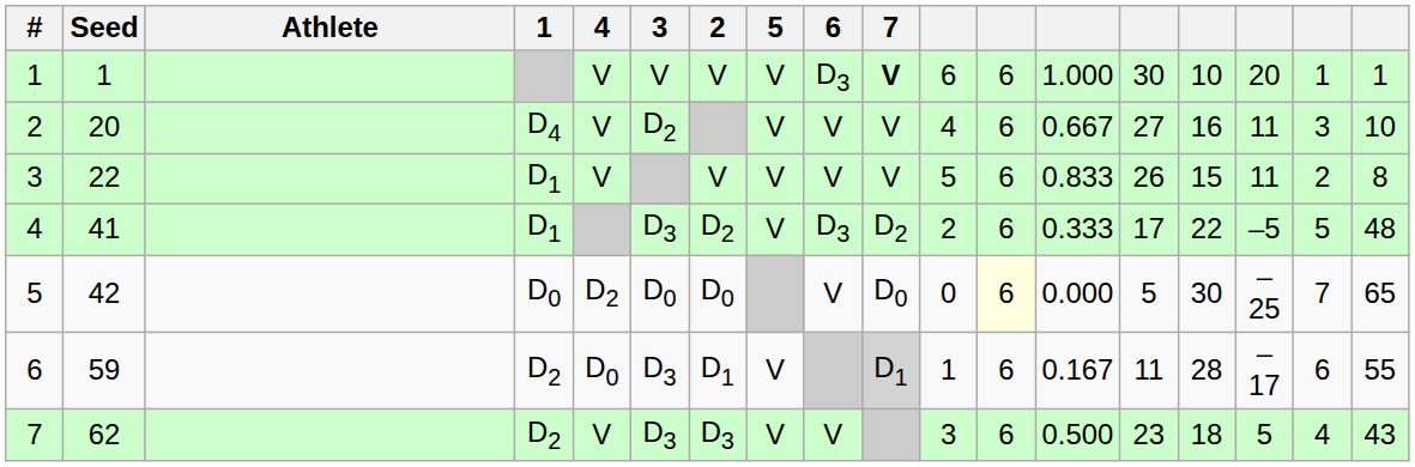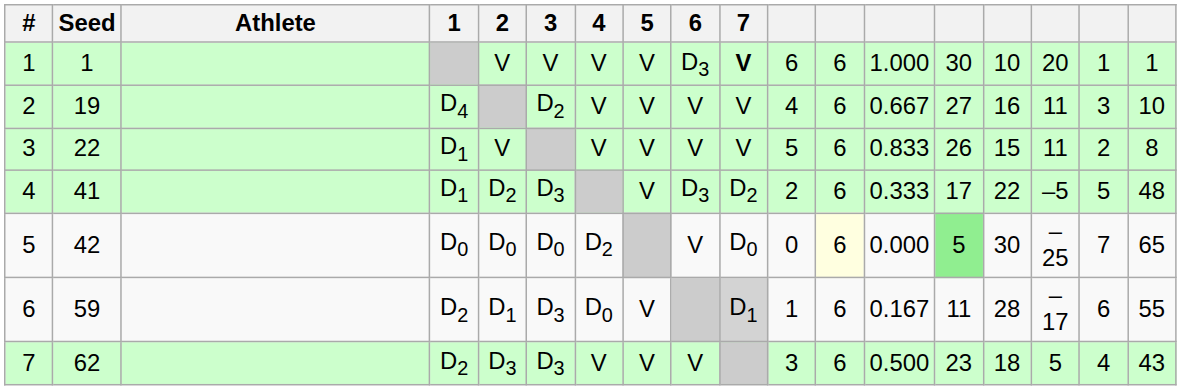 <table class="wikitable" style="text-align:center">
 <tr>
 <th width="25">#</th>
 <th width="25">Seed</th>
 <th width="200">Athlete</th>
 <th width="25">1</th>
+<th width="25">2</th>
+<th width="25">3</th>
 <th width="25">4</th>
-<th width="25">3</th>
-<th width="25">2</th>
 <th width="25">5</th>
 <th width="25">6</th>
 <th width="25">7</th>
 <th width="25"></th>
 <th width="25"></th>
 <th width="40"></th>
 <th width="25"></th>
 <th width="25"></th>
 <th width="25"></th>
 <th width="25"></th>
 <th width="25"></th>
 </tr>
 <tr bgcolor="#ccffcc">
 <td>1</td>
 <td>1</td>
 <td align=left></td>
 <td bgcolor="#cccccc"></td>
 <td>V</td>
 <td>V</td>
 <td>V</td>
 <td>V</td>
 <td>D<sub>3</sub></td>
 <td><strong>V</strong></td>
 <td>6</td>
 <td>6</td>
 <td>1.000</td>
 <td>30</td>
 <td>10</td>
 <td>20</td>
 <td>1</td>
 <td>1</td>
 </tr>
 <tr bgcolor="#ccffcc">
 <td>2</td>
-<td>20</td>
+<td>19</td>
 <td align=left></td>
 <td>D<sub>4</sub></td>
+<td bgcolor="#cccccc"></td>
+<td>D<sub>2</sub></td>
 <td>V</td>
-<td>D<sub>2</sub></td>
-<td bgcolor="#cccccc"></td>
 <td>V</td>
 <td>V</td>
 <td>V</td>
 <td>4</td>
 <td>6</td>
 <td>0.667</td>
 <td>27</td>
 <td>16</td>
 <td>11</td>
 <td>3</td>
 <td>10</td>
 </tr>
 <tr bgcolor="#ccffcc">
 <td>3</td>
 <td>22</td>
 <td align=left></td>
 <td>D<sub>1</sub></td>
 <td>V</td>
 <td bgcolor="#cccccc"></td>
 <td>V</td>
 <td>V</td>
 <td>V</td>
 <td>V</td>
 <td>5</td>
 <td>6</td>
 <td>0.833</td>
 <td>26</td>
 <td>15</td>
 <td>11</td>
 <td>2</td>
 <td>8</td>
 </tr>
 <tr bgcolor="#ccffcc">
 <td>4</td>
 <td>41</td>
 <td align=left></td>
 <td>D<sub>1</sub></td>
+<td>D<sub>2</sub></td>
+<td>D<sub>3</sub></td>
 <td bgcolor="#cccccc"></td>
-<td>D<sub>3</sub></td>
-<td>D<sub>2</sub></td>
 <td>V</td>
 <td>D<sub>3</sub></td>
 <td>D<sub>2</sub></td>
 <td>2</td>
 <td>6</td>
 <td>0.333</td>
 <td>17</td>
 <td>22</td>
 <td>–5</td>
 <td>5</td>
 <td>48</td>
 </tr>
 <tr>
 <td>5</td>
 <td>42</td>
 <td align=left></td>
 <td>D<sub>0</sub></td>
-<td>D<sub>2</sub></td>
 <td>D<sub>0</sub></td>
 <td>D<sub>0</sub></td>
+<td>D<sub>2</sub></td>
 <td bgcolor="#cccccc"></td>
 <td>V</td>
 <td>D<sub>0</sub></td>
 <td>0</td>
 <td style="background: lightyellow;">6</td>
 <td>0.000</td>
-<td>5</td>
+<td style="background: lightgreen;">5</td>
 <td>30</td>
 <td>–25</td>
 <td>7</td>
 <td>65</td>
 </tr>
 <tr>
 <td>6</td>
 <td>59</td>
 <td align=left></td>
 <td>D<sub>2</sub></td>
+<td>D<sub>1</sub></td>
+<td>D<sub>3</sub></td>
 <td>D<sub>0</sub></td>
-<td>D<sub>3</sub></td>
-<td>D<sub>1</sub></td>
 <td>V</td>
 <td bgcolor="#cccccc"></td>
 <td style="background: lightgrey;">D<sub>1</sub></td>
 <td>1</td>
 <td>6</td>
 <td>0.167</td>
 <td>11</td>
 <td>28</td>
 <td>–17</td>
 <td>6</td>
 <td>55</td>
 </tr>
 <tr bgcolor="#ccffcc">
 <td>7</td>
 <td>62</td>
 <td align=left></td>
 <td>D<sub>2</sub></td>
-<td>V</td>
 <td>D<sub>3</sub></td>
 <td>D<sub>3</sub></td>
+<td>V</td>
 <td>V</td>
 <td>V</td>
 <td bgcolor="#cccccc"></td>
 <td>3</td>
 <td>6</td>
 <td>0.500</td>
 <td>23</td>
 <td>18</td>
 <td>5</td>
 <td>4</td>
 <td>43</td>
 </tr>
 </table>
